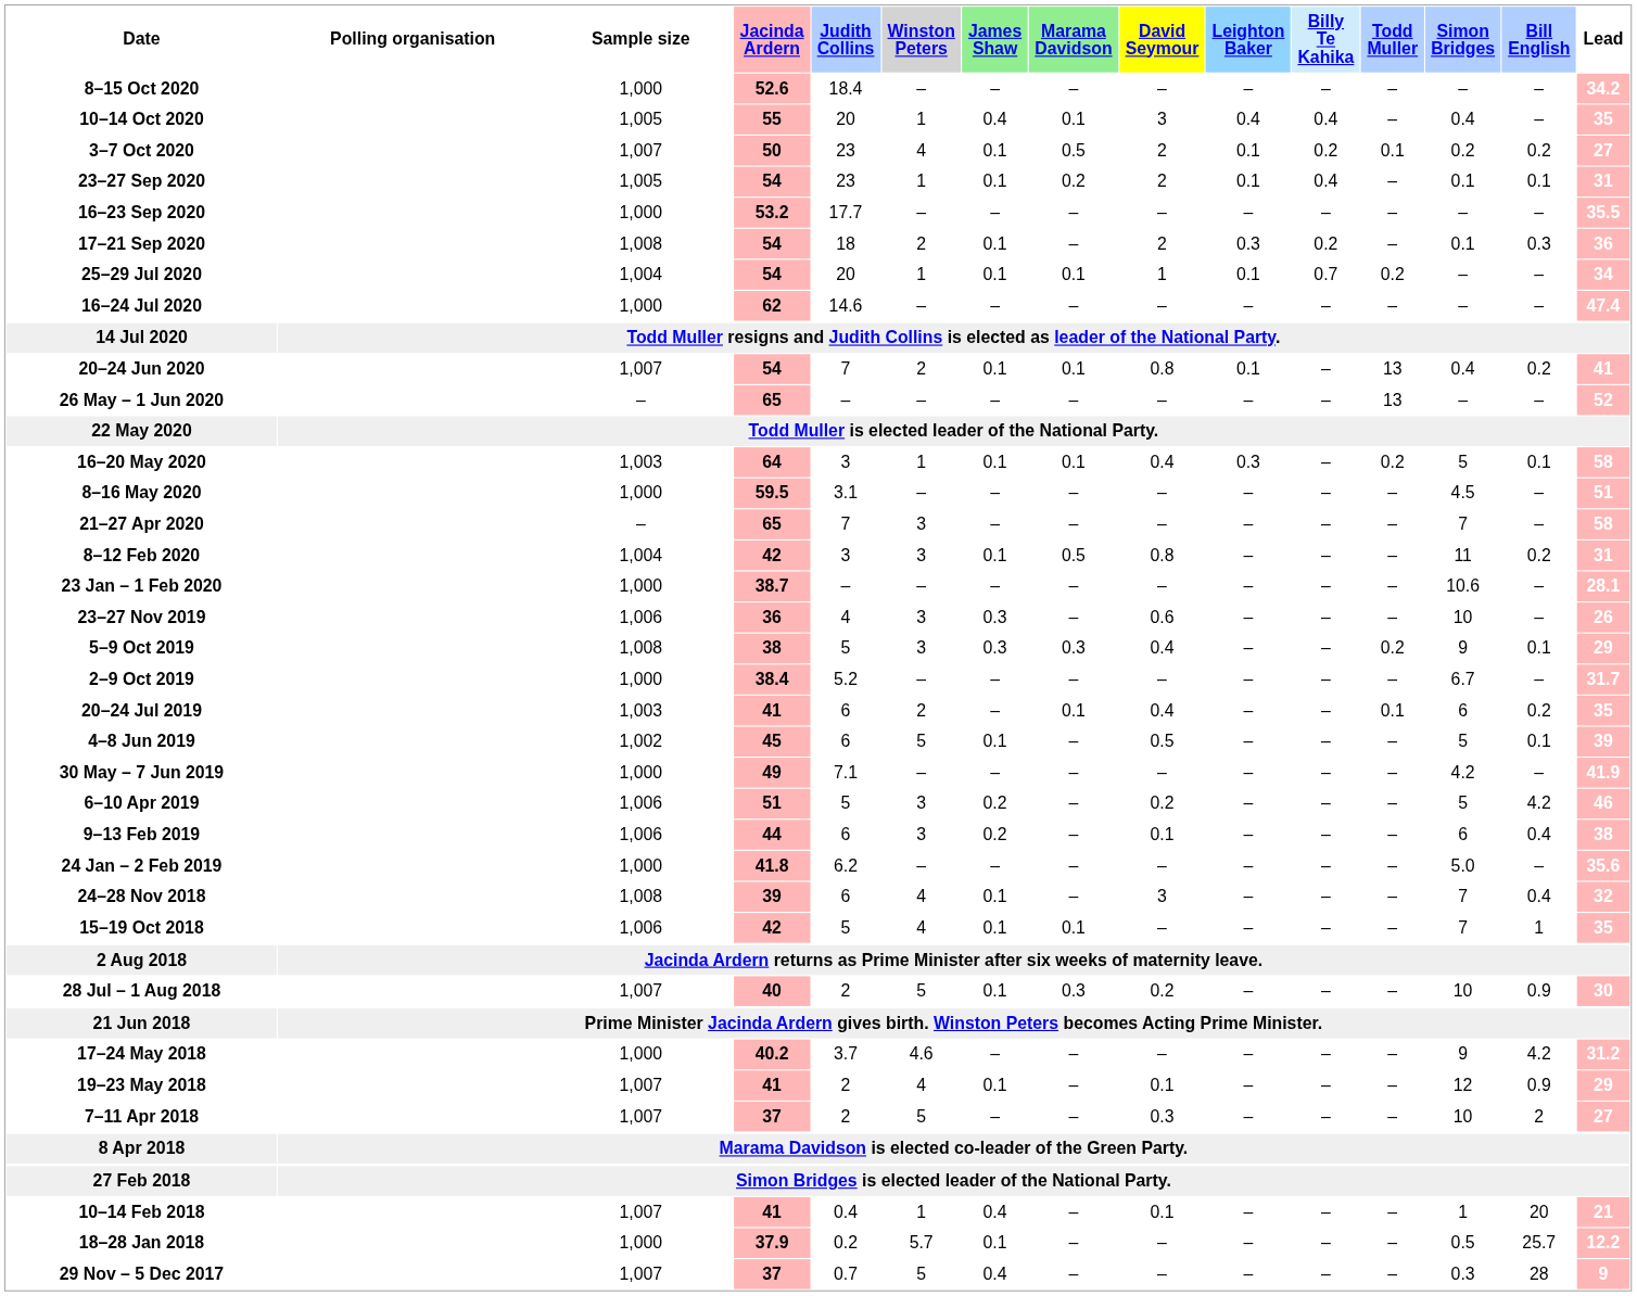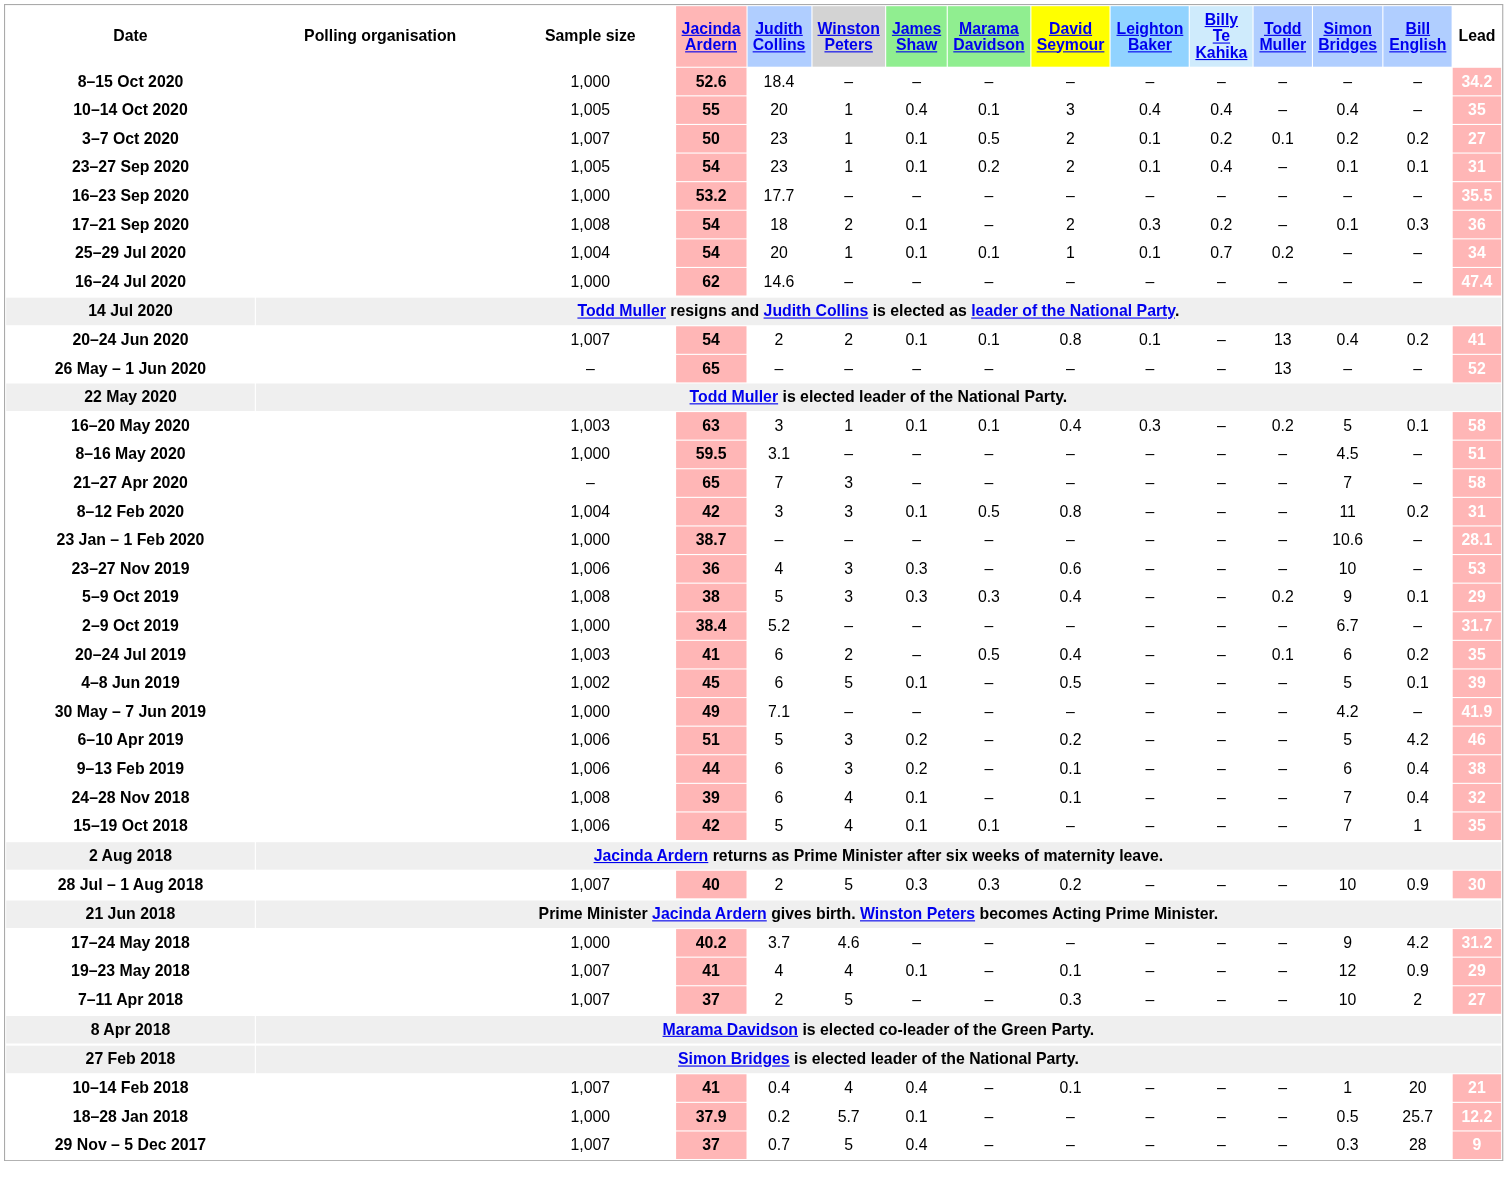 <table class="sortable" "toccolours" cellpadding="5" cellspacing="1" style="text-align:center; line-height:15px; margin-right:.5em; margin-top:.4em; font-size:90%; border: 1px solid #aaa">
 <tr style="height:40px">
 <th style="width:15em;">Date</th>
 <th style="width:15em;">Polling organisation</th>
 <th style="width:10em;">Sample size</th>
 <th style="background-color:#FFB6B6;width:40px"><a href='#'>Jacinda Ardern</a></th>
 <th style="background-color:#B0CEFF;width:40px"><a href='#'>Judith Collins</a></th>
 <th style="background-color:lightgray;width:40px"><a href='#'>Winston Peters</a></th>
 <th style="background-color:lightgreen;width:40px"><a href='#'>James Shaw</a></th>
 <th style="background-color:lightgreen;width:40px"><a href='#'>Marama Davidson</a></th>
 <th style="background-color:#FFFF00;width:40px"><a href='#'>David Seymour</a></th>
 <th style="background-color:#91D3FF;width:40px"><a href='#'>Leighton Baker</a></th>
 <th style="background-color:#CFEBFC;width:40px"><a href='#'>Billy Te Kahika</a></th>
 <th style="background-color:#B0CEFF;width:40px"><a href='#'>Todd Muller</a></th>
 <th style="background-color:#B0CEFF;width:40px"><a href='#'>Simon Bridges</a></th>
 <th style="background-color:#B0CEFF;width:40px"><a href='#'>Bill English</a></th>
 <th style="width:2em;" data-sort-type="number">Lead</th>
 </tr>
 <tr>
 <td data-sort-value="2020-10-15"><strong>8–15 Oct 2020</strong></td>
 <td></td>
 <td>1,000</td>
 <td style="background:#FFB6B6;"><strong>52.6</strong></td>
 <td>18.4</td>
 <td>–</td>
 <td>–</td>
 <td>–</td>
 <td>–</td>
 <td>–</td>
 <td>–</td>
 <td>–</td>
 <td>–</td>
 <td>–</td>
 <td style="background:#FFB6B6; color:white;"><strong>34.2</strong></td>
 </tr>
 <tr>
 <td data-sort-value="2020-10-14"><strong>10–14 Oct 2020</strong></td>
 <td></td>
 <td>1,005</td>
 <td style="background:#FFB6B6;"><strong>55</strong></td>
 <td>20</td>
 <td>1</td>
 <td>0.4</td>
 <td>0.1</td>
 <td>3</td>
 <td>0.4</td>
 <td>0.4</td>
 <td>–</td>
 <td>0.4</td>
 <td>–</td>
 <td style="background:#FFB6B6; color:white;"><strong>35</strong></td>
 </tr>
 <tr>
 <td data-sort-value="2020-10-07"><strong>3–7 Oct 2020</strong></td>
 <td></td>
 <td>1,007</td>
 <td style="background:#FFB6B6;"><strong>50</strong></td>
 <td>23</td>
-<td>4</td>
+<td>1</td>
 <td>0.1</td>
 <td>0.5</td>
 <td>2</td>
 <td>0.1</td>
 <td>0.2</td>
 <td>0.1</td>
 <td>0.2</td>
 <td>0.2</td>
 <td style="background:#FFB6B6; color:white;"><strong>27</strong></td>
 </tr>
 <tr>
 <td data-sort-value="2020-09-27"><strong>23–27 Sep 2020</strong></td>
 <td></td>
 <td>1,005</td>
 <td style="background:#FFB6B6;"><strong>54</strong></td>
 <td>23</td>
 <td>1</td>
 <td>0.1</td>
 <td>0.2</td>
 <td>2</td>
 <td>0.1</td>
 <td>0.4</td>
 <td>–</td>
 <td>0.1</td>
 <td>0.1</td>
 <td style="background:#FFB6B6; color:white;"><strong>31</strong></td>
 </tr>
 <tr>
 <td data-sort-value="2020-09-23"><strong>16–23 Sep 2020</strong></td>
 <td></td>
 <td>1,000</td>
 <td style="background:#FFB6B6;"><strong>53.2</strong></td>
 <td>17.7</td>
 <td>–</td>
 <td>–</td>
 <td>–</td>
 <td>–</td>
 <td>–</td>
 <td>–</td>
 <td>–</td>
 <td>–</td>
 <td>–</td>
 <td style="background:#FFB6B6; color:white;"><strong>35.5</strong></td>
 </tr>
 <tr>
 <td data-sort-value="2020-09-21"><strong>17–21 Sep 2020</strong></td>
 <td></td>
 <td>1,008</td>
 <td style="background:#FFB6B6;"><strong>54</strong></td>
 <td>18</td>
 <td>2</td>
 <td>0.1</td>
 <td>–</td>
 <td>2</td>
 <td>0.3</td>
 <td>0.2</td>
 <td>–</td>
 <td>0.1</td>
 <td>0.3</td>
 <td style="background:#FFB6B6; color:white;"><strong>36</strong></td>
 </tr>
 <tr>
 <td data-sort-value="2020-07-29"><strong>25–29 Jul 2020</strong></td>
 <td></td>
 <td>1,004</td>
 <td style="background:#FFB6B6;"><strong>54</strong></td>
 <td>20</td>
 <td>1</td>
 <td>0.1</td>
 <td>0.1</td>
 <td>1</td>
 <td>0.1</td>
 <td>0.7</td>
 <td>0.2</td>
 <td>–</td>
 <td>–</td>
 <td style="background:#FFB6B6; color:white;"><strong>34</strong></td>
 </tr>
 <tr>
 <td data-sort-value="2020-07-24"><strong>16–24 Jul 2020</strong></td>
 <td></td>
 <td>1,000</td>
 <td style="background:#FFB6B6;"><strong>62</strong></td>
 <td>14.6</td>
 <td>–</td>
 <td>–</td>
 <td>–</td>
 <td>–</td>
 <td>–</td>
 <td>–</td>
 <td>–</td>
 <td>–</td>
 <td>–</td>
 <td style="background:#FFB6B6; color:white;"><strong>47.4</strong></td>
 </tr>
 <tr>
 </tr>
 <tr style="background:#EFEFEF;">
 <td data-sort-value="2020-07-14"><strong>14 Jul 2020</strong></td>
 <td colspan="14" style="text-align:center;"><strong><a href='#'>Todd Muller</a> resigns and <a href='#'>Judith Collins</a> is elected as <a href='#'>leader of the National Party</a>.</strong></td>
 </tr>
 <tr>
 <td data-sort-value="2020-06-24"><strong>20–24 Jun 2020</strong></td>
 <td></td>
 <td>1,007</td>
 <td style="background:#FFB6B6;"><strong>54 </strong></td>
-<td>7</td>
+<td>2</td>
 <td>2</td>
 <td>0.1</td>
 <td>0.1</td>
 <td>0.8</td>
 <td>0.1</td>
 <td>–</td>
 <td>13</td>
 <td>0.4</td>
 <td>0.2</td>
 <td style="background:#FFB6B6; color:white;"><strong>41</strong></td>
 </tr>
 <tr>
 <td data-sort-value="2020-06-01"><strong>26 May – 1 Jun 2020</strong></td>
 <td></td>
 <td>–</td>
 <td style="background:#FFB6B6;"><strong>65</strong></td>
 <td>–</td>
 <td>–</td>
 <td>–</td>
 <td>–</td>
 <td>–</td>
 <td>–</td>
 <td>–</td>
 <td>13</td>
 <td>–</td>
 <td>–</td>
 <td style="background:#FFB6B6; color:white;"><strong>52</strong></td>
 </tr>
 <tr style="background:#EFEFEF;">
 <td data-sort-value="2020-05-22"><strong>22 May 2020</strong></td>
 <td colspan="14" style="text-align:center;"><strong><a href='#'>Todd Muller</a> is elected leader of the National Party.</strong></td>
 </tr>
 <tr>
 <td data-sort-value="2020-05-20"><strong>16–20 May 2020</strong></td>
 <td></td>
 <td>1,003</td>
-<td style="background:#FFB6B6;"><strong>64</strong></td>
+<td style="background:#FFB6B6;"><strong>63</strong></td>
 <td>3</td>
 <td>1</td>
 <td>0.1</td>
 <td>0.1</td>
 <td>0.4</td>
 <td>0.3</td>
 <td>–</td>
 <td>0.2</td>
 <td>5</td>
 <td>0.1</td>
 <td style="background:#FFB6B6; color:white;"><strong>58</strong></td>
 </tr>
 <tr>
 <td data-sort-value="2020-05-16"><strong>8–16 May 2020</strong></td>
 <td></td>
 <td>1,000</td>
 <td style="background:#FFB6B6;"><strong>59.5</strong></td>
 <td>3.1</td>
 <td>–</td>
 <td>–</td>
 <td>–</td>
 <td>–</td>
 <td>–</td>
 <td>–</td>
 <td>–</td>
 <td>4.5</td>
 <td>–</td>
 <td style="background:#FFB6B6; color:white;"><strong>51</strong></td>
 </tr>
 <tr>
 <td data-sort-value="2020-04-27"><strong>21–27 Apr 2020</strong></td>
 <td></td>
 <td>–</td>
 <td style="background:#FFB6B6;"><strong>65</strong></td>
 <td>7</td>
 <td>3</td>
 <td>–</td>
 <td>–</td>
 <td>–</td>
 <td>–</td>
 <td>–</td>
 <td>–</td>
 <td>7</td>
 <td>–</td>
 <td style="background:#FFB6B6; color:white;"><strong>58</strong></td>
 </tr>
 <tr>
 <td data-sort-value="2020-02-12"><strong>8–12 Feb 2020</strong></td>
 <td></td>
 <td>1,004</td>
 <td style="background:#FFB6B6;"><strong>42</strong></td>
 <td>3</td>
 <td>3</td>
 <td>0.1</td>
 <td>0.5</td>
 <td>0.8</td>
 <td>–</td>
 <td>–</td>
 <td>–</td>
 <td>11</td>
 <td>0.2</td>
 <td style="background:#FFB6B6; color:white;"><strong>31</strong></td>
 </tr>
 <tr>
 <td data-sort-value="2019-11-27"><strong>23 Jan – 1 Feb 2020</strong></td>
 <td></td>
 <td>1,000</td>
 <td style="background:#FFB6B6;"><strong>38.7</strong></td>
 <td>–</td>
 <td>–</td>
 <td>–</td>
 <td>–</td>
 <td>–</td>
 <td>–</td>
 <td>–</td>
 <td>–</td>
 <td>10.6</td>
 <td>–</td>
 <td style="background:#FFB6B6; color:white;"><strong>28.1</strong></td>
 </tr>
 <tr>
 <td data-sort-value="2019-11-27"><strong>23–27 Nov 2019</strong></td>
 <td></td>
 <td>1,006</td>
 <td style="background:#FFB6B6;"><strong>36</strong></td>
 <td>4</td>
 <td>3</td>
 <td>0.3</td>
 <td>–</td>
 <td>0.6</td>
 <td>–</td>
 <td>–</td>
 <td>–</td>
 <td>10</td>
 <td>–</td>
-<td style="background:#FFB6B6; color:white;"><strong>26</strong></td>
+<td style="background:#FFB6B6; color:white;"><strong>53</strong></td>
 </tr>
 <tr>
 <td data-sort-value="2019-10-14"><strong>5–9 Oct 2019</strong></td>
 <td></td>
 <td>1,008</td>
 <td style="background:#FFB6B6;"><strong>38</strong></td>
 <td>5</td>
 <td>3</td>
 <td>0.3</td>
 <td>0.3</td>
 <td>0.4</td>
 <td>–</td>
 <td>–</td>
 <td>0.2</td>
 <td>9</td>
 <td>0.1</td>
 <td style="background:#FFB6B6; color:white;"><strong>29</strong></td>
 </tr>
 <tr>
 <td data-sort-value="2019-10-09"><strong>2–9 Oct 2019</strong></td>
 <td></td>
 <td>1,000</td>
 <td style="background:#FFB6B6;"><strong>38.4</strong></td>
 <td>5.2</td>
 <td>–</td>
 <td>–</td>
 <td>–</td>
 <td>–</td>
 <td>–</td>
 <td>–</td>
 <td>–</td>
 <td>6.7</td>
 <td>–</td>
 <td style="background:#FFB6B6; color:white;"><strong>31.7</strong></td>
 </tr>
 <tr>
 <td data-sort-value="2019-07-24"><strong>20–24 Jul 2019</strong></td>
 <td></td>
 <td>1,003</td>
 <td style="background:#FFB6B6;"><strong>41</strong></td>
 <td>6</td>
 <td>2</td>
 <td>–</td>
-<td>0.1</td>
+<td>0.5</td>
 <td>0.4</td>
 <td>–</td>
 <td>–</td>
 <td>0.1</td>
 <td>6</td>
 <td>0.2</td>
 <td style="background:#FFB6B6; color:white;"><strong>35</strong></td>
 </tr>
 <tr>
 <td data-sort-value="2019-06-08"><strong>4–8 Jun 2019</strong></td>
 <td></td>
 <td>1,002</td>
 <td style="background:#FFB6B6;"><strong>45</strong></td>
 <td>6</td>
 <td>5</td>
 <td>0.1</td>
 <td>–</td>
 <td>0.5</td>
 <td>–</td>
 <td>–</td>
 <td>–</td>
 <td>5</td>
 <td>0.1</td>
 <td style="background:#FFB6B6; color:white;"><strong>39</strong></td>
 </tr>
 <tr>
 <td data-sort-value="2019-06-07"><strong>30 May – 7 Jun 2019</strong></td>
 <td></td>
 <td>1,000</td>
 <td style="background:#FFB6B6;"><strong>49</strong></td>
 <td>7.1</td>
 <td>–</td>
 <td>–</td>
 <td>–</td>
 <td>–</td>
 <td>–</td>
 <td>–</td>
 <td>–</td>
 <td>4.2</td>
 <td>–</td>
 <td style="background:#FFB6B6; color:white;"><strong>41.9</strong></td>
 </tr>
 <tr>
 <td data-sort-value="2019-04-10"><strong>6–10 Apr 2019</strong></td>
 <td></td>
 <td>1,006</td>
 <td style="background:#FFB6B6;"><strong>51</strong></td>
 <td>5</td>
 <td>3</td>
 <td>0.2</td>
 <td>–</td>
 <td>0.2</td>
 <td>–</td>
 <td>–</td>
 <td>–</td>
 <td>5</td>
 <td>4.2</td>
 <td style="background:#FFB6B6; color:white;"><strong>46</strong></td>
 </tr>
 <tr>
 <td data-sort-value="2019-02-13"><strong>9–13 Feb 2019</strong></td>
 <td></td>
 <td>1,006</td>
 <td style="background:#FFB6B6;"><strong>44</strong></td>
 <td>6</td>
 <td>3</td>
 <td>0.2</td>
 <td>–</td>
 <td>0.1</td>
 <td>–</td>
 <td>–</td>
 <td>–</td>
 <td>6</td>
 <td>0.4</td>
 <td style="background:#FFB6B6; color:white;"><strong>38</strong></td>
 </tr>
 <tr>
-<td data-sort-value="2019-02-02"><strong>24 Jan – 2 Feb 2019</strong></td>
-<td></td>
-<td>1,000</td>
-<td style="background:#FFB6B6;"><strong>41.8</strong></td>
-<td>6.2</td>
-<td>–</td>
-<td>–</td>
-<td>–</td>
-<td>–</td>
-<td>–</td>
-<td>–</td>
-<td>–</td>
-<td>5.0</td>
-<td>–</td>
-<td style="background:#FFB6B6; color:white;"><strong>35.6</strong></td>
-</tr>
-<tr>
 <td data-sort-value="2018-11-28"><strong>24–28 Nov 2018</strong></td>
 <td></td>
 <td>1,008</td>
 <td style="background:#FFB6B6;"><strong>39</strong></td>
 <td>6</td>
 <td>4</td>
 <td>0.1</td>
 <td>–</td>
-<td>3</td>
+<td>0.1</td>
 <td>–</td>
 <td>–</td>
 <td>–</td>
 <td>7</td>
 <td>0.4</td>
 <td style="background:#FFB6B6; color:white;"><strong>32</strong></td>
 </tr>
 <tr>
 <td data-sort-value="2018-10-19"><strong>15–19 Oct 2018</strong></td>
 <td></td>
 <td>1,006</td>
 <td style="background:#FFB6B6;"><strong>42</strong></td>
 <td>5</td>
 <td>4</td>
 <td>0.1</td>
 <td>0.1</td>
 <td>–</td>
 <td>–</td>
 <td>–</td>
 <td>–</td>
 <td>7</td>
 <td>1</td>
 <td style="background:#FFB6B6; color:white;"><strong>35</strong></td>
 </tr>
 <tr>
 </tr>
 <tr style="background:#EFEFEF;">
 <td data-sort-value="2018-08-02"><strong>2 Aug 2018</strong></td>
 <td colspan="14" style="text-align:center;"><strong><a href='#'>Jacinda Ardern</a> returns as Prime Minister after six weeks of maternity leave.</strong></td>
 </tr>
 <tr>
 <td data-sort-value="2018-08-01"><strong>28 Jul – 1 Aug 2018</strong></td>
 <td></td>
 <td>1,007</td>
 <td style="background:#FFB6B6;"><strong>40</strong></td>
 <td>2</td>
 <td>5</td>
-<td>0.1</td>
+<td>0.3</td>
 <td>0.3</td>
 <td>0.2</td>
 <td>–</td>
 <td>–</td>
 <td>–</td>
 <td>10</td>
 <td>0.9</td>
 <td style="background:#FFB6B6; color:white;"><strong>30</strong></td>
 </tr>
 <tr>
 </tr>
 <tr style="background:#EFEFEF;">
 <td data-sort-value="2018-07-10"><strong>21 Jun 2018</strong></td>
 <td colspan="14" style="text-align:center;"><strong>Prime Minister <a href='#'>Jacinda Ardern</a> gives birth. <a href='#'>Winston Peters</a> becomes Acting Prime Minister.</strong></td>
 </tr>
 <tr>
 <td data-sort-value="2018-05-27"><strong>17–24 May 2018</strong></td>
 <td></td>
 <td>1,000</td>
 <td style="background:#FFB6B6"><strong>40.2</strong></td>
 <td>3.7</td>
 <td>4.6</td>
 <td>–</td>
 <td>–</td>
 <td>–</td>
 <td>–</td>
 <td>–</td>
 <td>–</td>
 <td>9</td>
 <td>4.2</td>
 <td style="background:#FFB6B6; color:white;"><strong>31.2</strong></td>
 </tr>
 <tr>
 <td data-sort-value="2018-05-23"><strong>19–23 May 2018</strong></td>
 <td></td>
 <td>1,007</td>
 <td style="background:#FFB6B6;"><strong>41</strong></td>
-<td>2</td>
+<td>4</td>
 <td>4</td>
 <td>0.1</td>
 <td>–</td>
 <td>0.1</td>
 <td>–</td>
 <td>–</td>
 <td>–</td>
 <td>12</td>
 <td>0.9</td>
 <td style="background:#FFB6B6; color:white;"><strong>29</strong></td>
 </tr>
 <tr>
 <td data-sort-value="2018-04-11"><strong>7–11 Apr 2018</strong></td>
 <td></td>
 <td>1,007</td>
 <td style="background:#FFB6B6;"><strong>37</strong></td>
 <td>2</td>
 <td>5</td>
 <td>–</td>
 <td>–</td>
 <td>0.3</td>
 <td>–</td>
 <td>–</td>
 <td>–</td>
 <td>10</td>
 <td>2</td>
 <td style="background:#FFB6B6; color:white;"><strong>27</strong></td>
 </tr>
 <tr>
 </tr>
 <tr style="background:#EFEFEF;">
 <td data-sort-value="2018-04-8"><strong>8 Apr 2018</strong></td>
 <td colspan="14" style="text-align:center;"><strong><a href='#'>Marama Davidson</a> is elected co-leader of the Green Party.</strong></td>
 </tr>
 <tr>
 </tr>
 <tr style="background:#EFEFEF;">
 <td data-sort-value="2018-02-27"><strong>27 Feb 2018</strong></td>
 <td colspan="14" style="text-align:center;"><strong><a href='#'>Simon Bridges</a> is elected leader of the National Party.</strong></td>
 </tr>
 <tr>
 <td data-sort-value="2018-02-14"><strong>10–14 Feb 2018</strong></td>
 <td></td>
 <td>1,007</td>
 <td style="background:#FFB6B6;"><strong>41</strong></td>
 <td>0.4</td>
-<td>1</td>
+<td>4</td>
 <td>0.4</td>
 <td>–</td>
 <td>0.1</td>
 <td>–</td>
 <td>–</td>
 <td>–</td>
 <td>1</td>
 <td>20</td>
 <td style="background:#FFB6B6; color:white;"><strong>21</strong></td>
 </tr>
 <tr>
 <td data-sort-value="2018-01-28"><strong>18–28 Jan 2018</strong></td>
 <td></td>
 <td>1,000</td>
 <td style="background:#FFB6B6"><strong>37.9</strong></td>
 <td>0.2</td>
 <td>5.7</td>
 <td>0.1</td>
 <td>–</td>
 <td>–</td>
 <td>–</td>
 <td>–</td>
 <td>–</td>
 <td>0.5</td>
 <td>25.7</td>
 <td style="background:#FFB6B6; color:white;"><strong>12.2</strong></td>
 </tr>
 <tr>
 <td data-sort-value="2017-12-5"><strong>29 Nov – 5 Dec 2017</strong></td>
 <td></td>
 <td>1,007</td>
 <td style="background:#FFB6B6"><strong>37</strong></td>
 <td>0.7</td>
 <td>5</td>
 <td>0.4</td>
 <td>–</td>
 <td>–</td>
 <td>–</td>
 <td>–</td>
 <td>–</td>
 <td>0.3</td>
 <td>28</td>
 <td style="background:#FFB6B6; color:white;"><strong>9</strong></td>
 </tr>
 </table>
